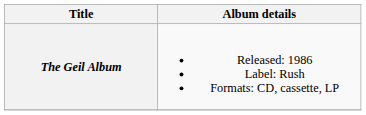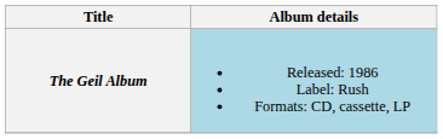 <table class="wikitable plainrowheaders" style="text-align:center;">
 <tr>
 <th scope="col" style="width:12em;">Title</th>
 <th scope="col" style="width:16em;">Album details</th>
 </tr>
 <tr>
 <th scope="row"><em>The Geil Album</em></th>
-<td><br><ul><li>Released: 1986</li><li>Label: Rush</li><li>Formats: CD, cassette, LP</li></ul></td>
+<td style="background: lightblue;"><br><ul><li>Released: 1986</li><li>Label: Rush</li><li>Formats: CD, cassette, LP</li></ul></td>
 </tr>
 <tr>
 </tr>
 </table>
